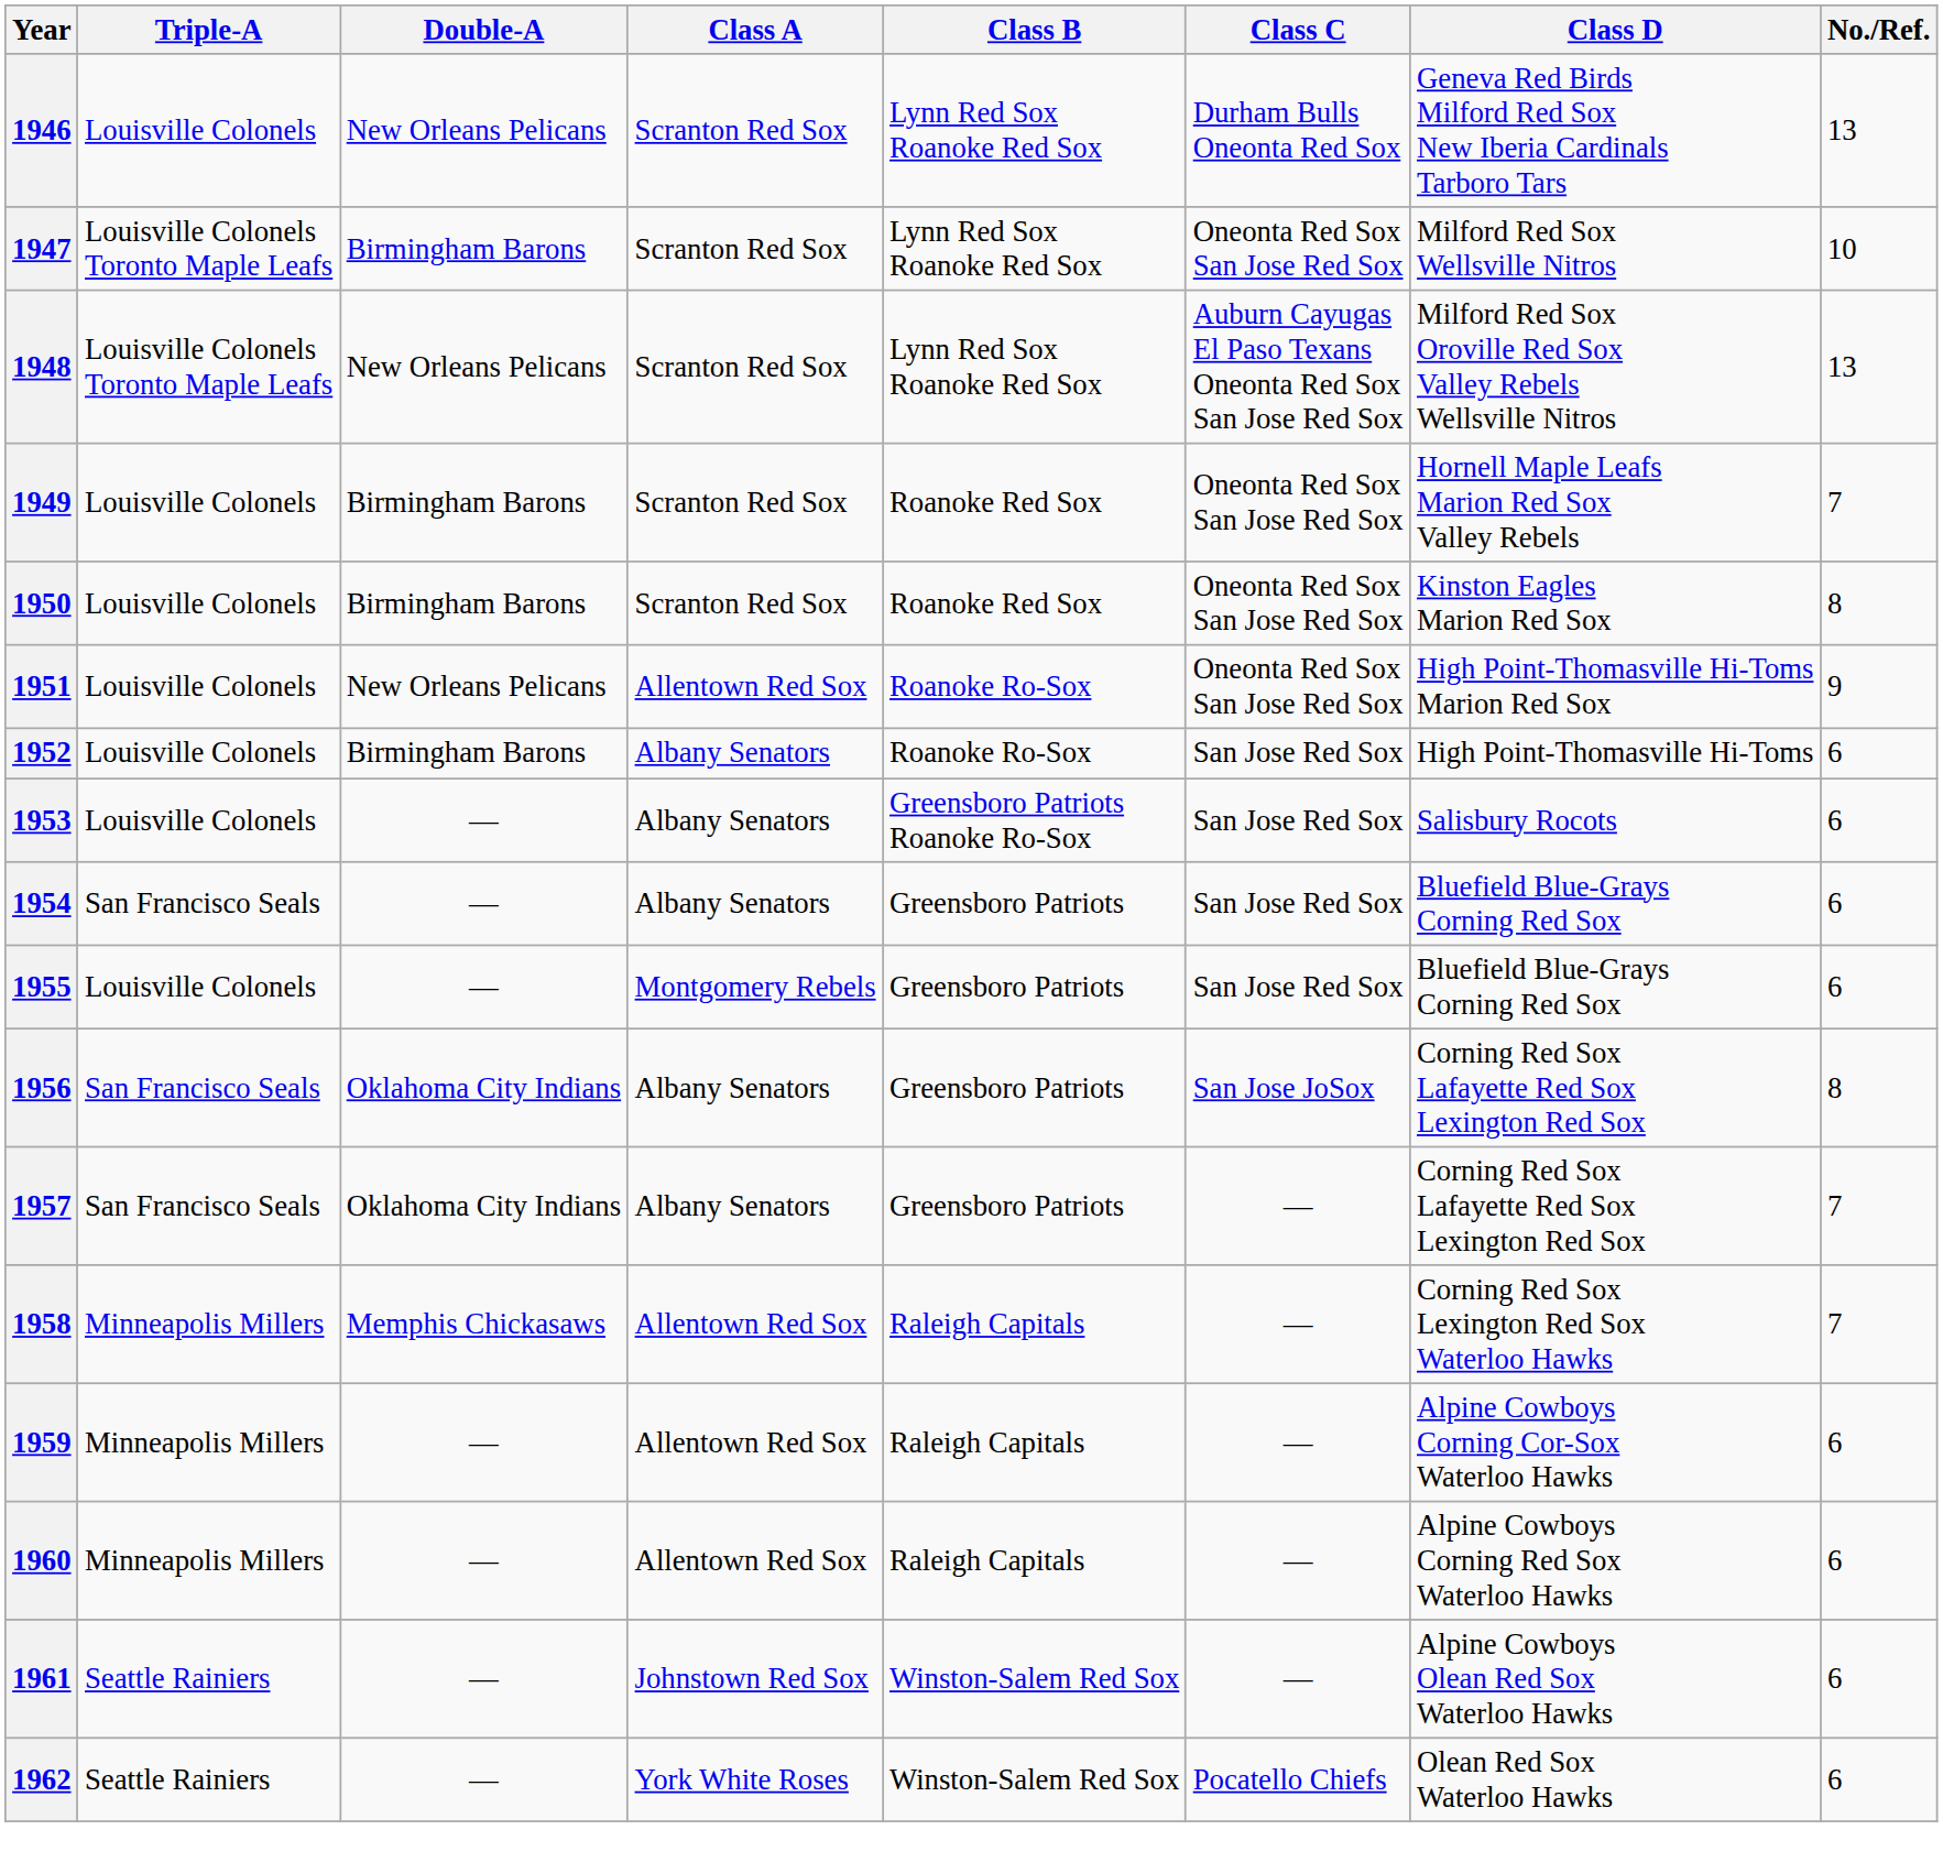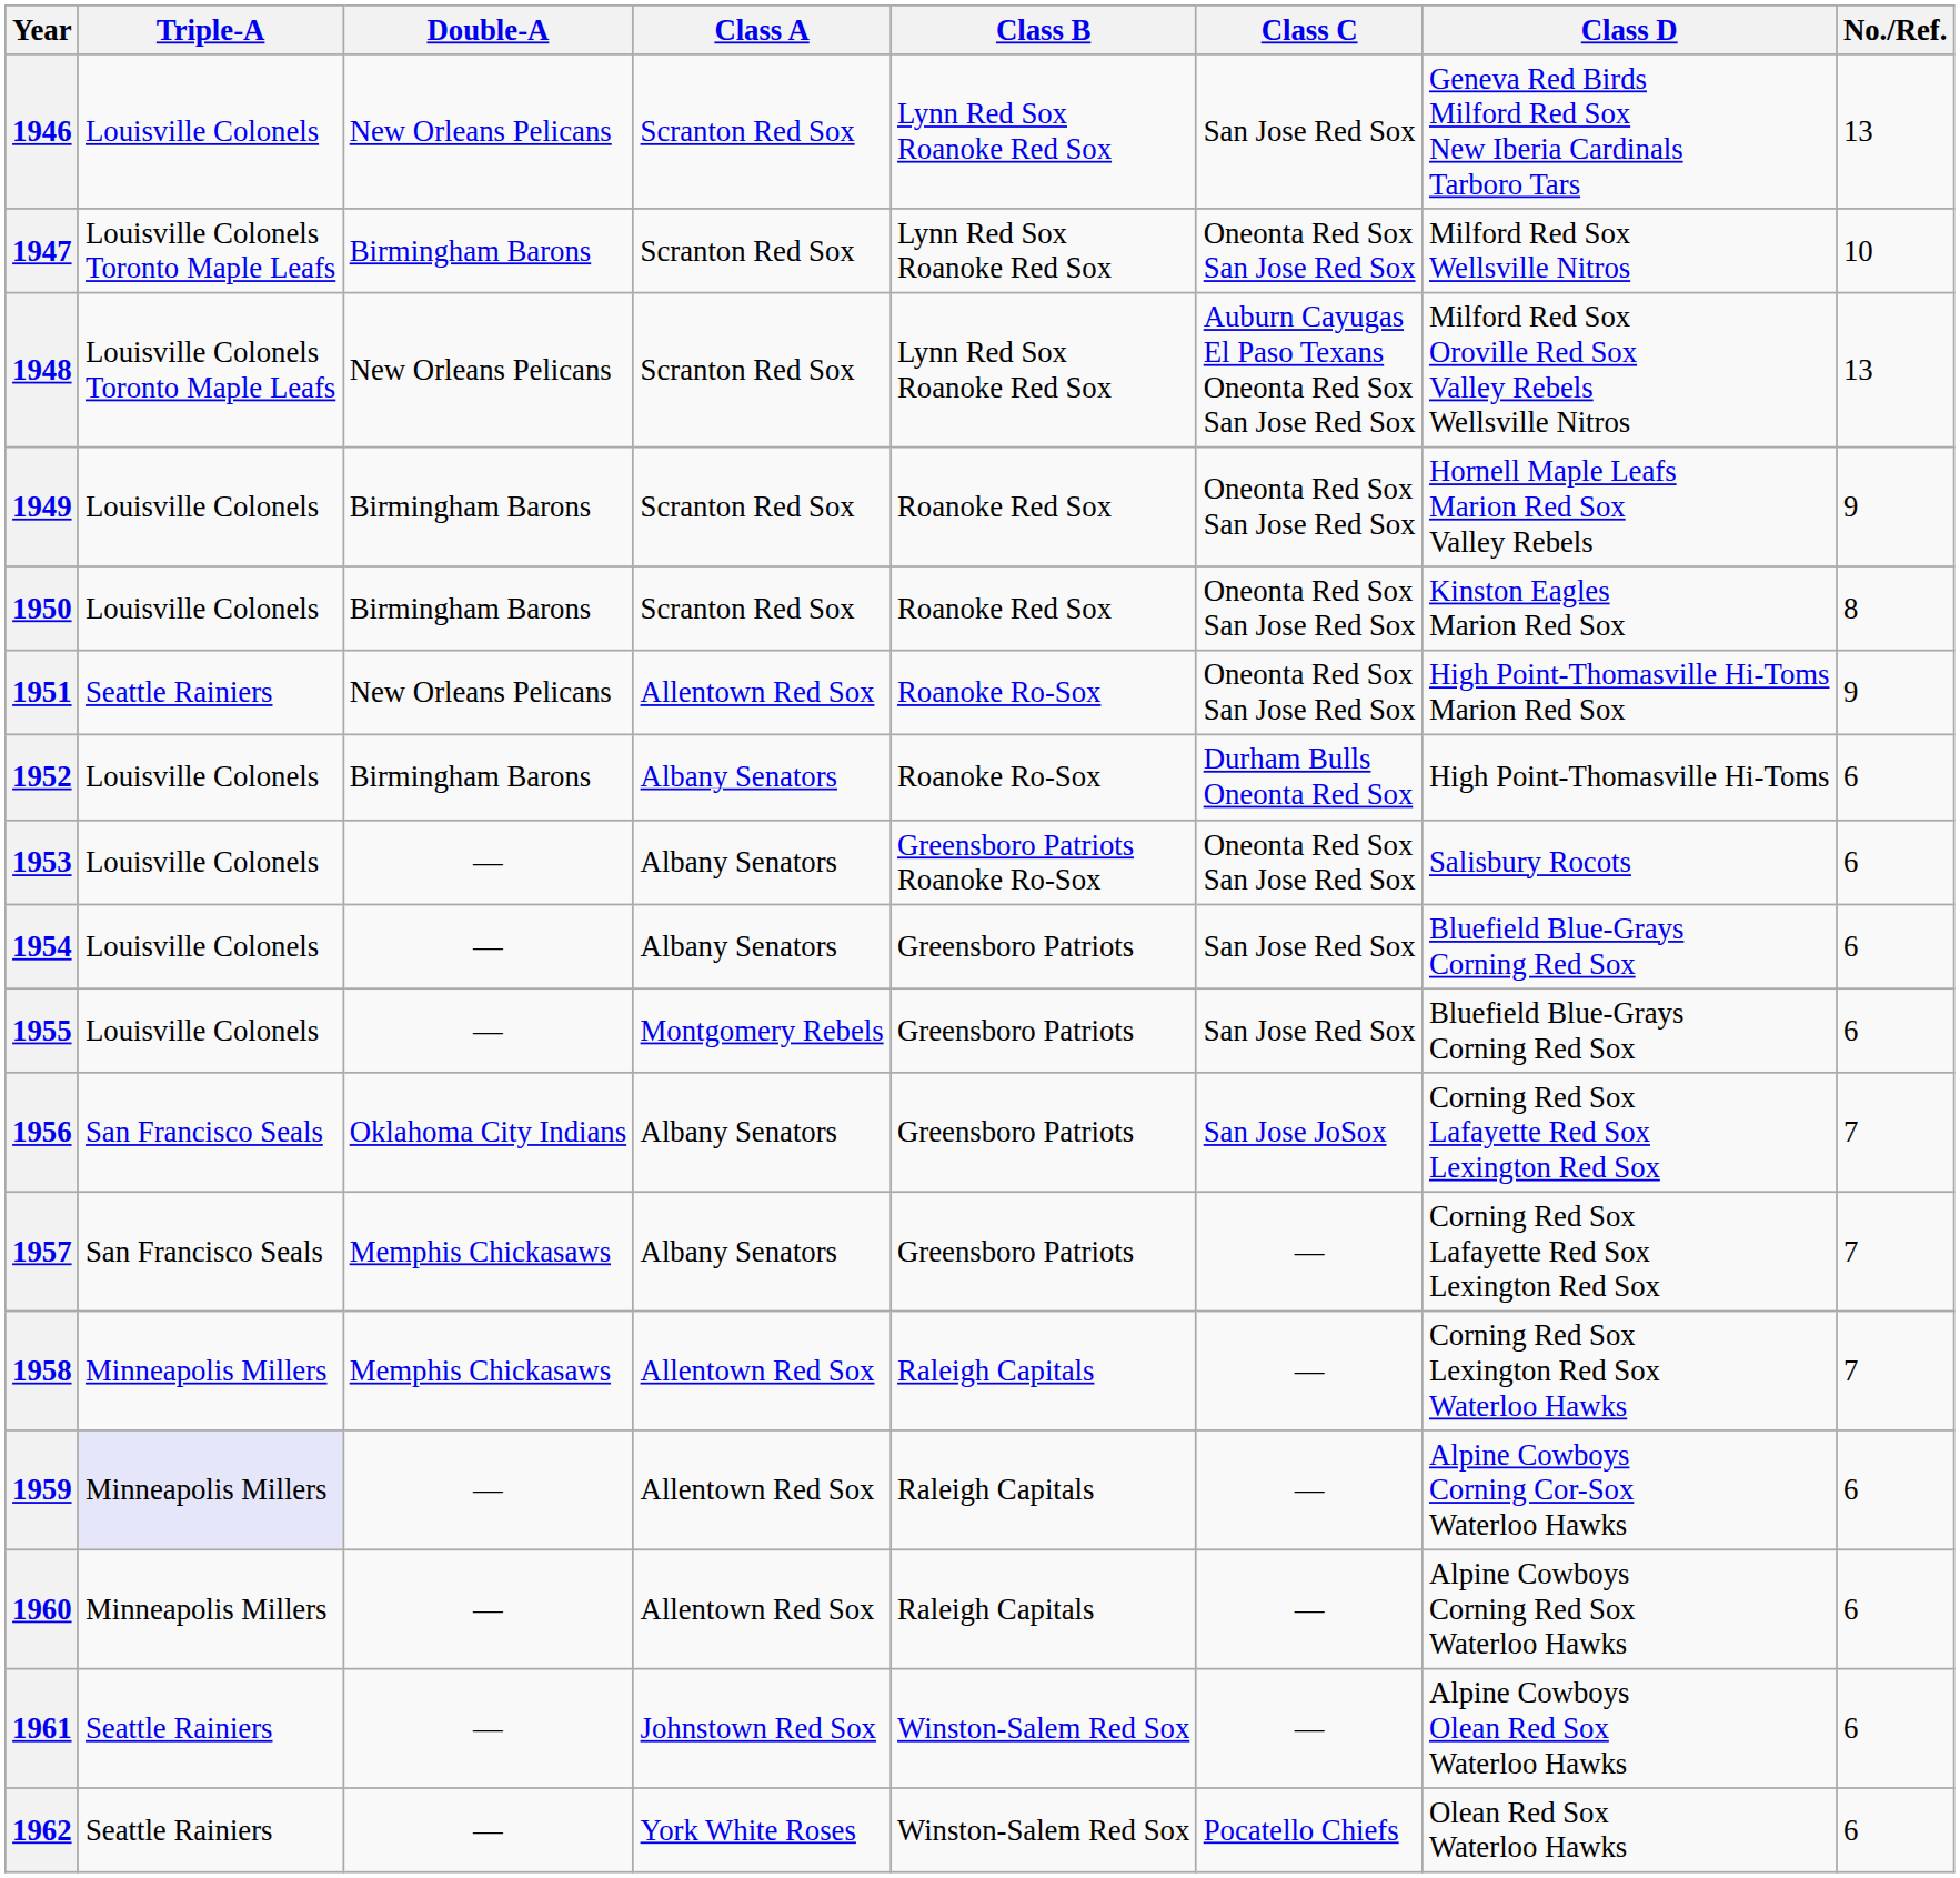 <table class="wikitable" style="text-align:left; font-size: 95%;">
 <tr>
 <th>Year</th>
 <th><a href='#'><span>Triple-A</span></a></th>
 <th><a href='#'><span>Double-A</span></a></th>
 <th><a href='#'><span>Class A</span></a></th>
 <th><a href='#'><span>Class B</span></a></th>
 <th><a href='#'><span>Class C</span></a></th>
 <th><a href='#'><span>Class D</span></a></th>
 <th>No./Ref.</th>
 </tr>
 <tr>
 <th><a href='#'>1946</a></th>
 <td><a href='#'>Louisville Colonels</a></td>
 <td><a href='#'>New Orleans Pelicans</a></td>
 <td><a href='#'>Scranton Red Sox</a></td>
 <td><a href='#'>Lynn Red Sox</a><br><a href='#'>Roanoke Red Sox</a></td>
-<td><a href='#'>Durham Bulls</a><br><a href='#'>Oneonta Red Sox</a></td>
+<td>San Jose Red Sox</td>
 <td><a href='#'>Geneva Red Birds</a><br><a href='#'>Milford Red Sox</a><br><a href='#'>New Iberia Cardinals</a><br><a href='#'>Tarboro Tars</a></td>
 <td>13</td>
 </tr>
 <tr>
 <th><a href='#'>1947</a></th>
 <td>Louisville Colonels<br><a href='#'>Toronto Maple Leafs</a></td>
 <td><a href='#'>Birmingham Barons</a></td>
 <td>Scranton Red Sox</td>
 <td>Lynn Red Sox<br>Roanoke Red Sox</td>
 <td>Oneonta Red Sox<br><a href='#'>San Jose Red Sox</a></td>
 <td>Milford Red Sox<br><a href='#'>Wellsville Nitros</a></td>
 <td>10</td>
 </tr>
 <tr>
 <th><a href='#'>1948</a></th>
 <td>Louisville Colonels<br><a href='#'>Toronto Maple Leafs</a></td>
 <td>New Orleans Pelicans</td>
 <td>Scranton Red Sox</td>
 <td>Lynn Red Sox<br>Roanoke Red Sox</td>
 <td><a href='#'>Auburn Cayugas</a><br><a href='#'>El Paso Texans</a><br>Oneonta Red Sox<br>San Jose Red Sox</td>
 <td>Milford Red Sox<br><a href='#'>Oroville Red Sox</a><br><a href='#'>Valley Rebels</a><br>Wellsville Nitros</td>
 <td>13</td>
 </tr>
 <tr>
 <th><a href='#'>1949</a></th>
 <td>Louisville Colonels</td>
 <td>Birmingham Barons</td>
 <td>Scranton Red Sox</td>
 <td>Roanoke Red Sox</td>
 <td>Oneonta Red Sox<br>San Jose Red Sox</td>
 <td><a href='#'>Hornell Maple Leafs</a><br><a href='#'>Marion Red Sox</a><br>Valley Rebels</td>
-<td>7</td>
+<td>9</td>
 </tr>
 <tr>
 <th><a href='#'>1950</a></th>
 <td>Louisville Colonels</td>
 <td>Birmingham Barons</td>
 <td>Scranton Red Sox</td>
 <td>Roanoke Red Sox</td>
 <td>Oneonta Red Sox<br>San Jose Red Sox</td>
 <td><a href='#'>Kinston Eagles</a><br>Marion Red Sox</td>
 <td>8</td>
 </tr>
 <tr>
 <th><a href='#'>1951</a></th>
-<td>Louisville Colonels</td>
+<td><a href='#'>Seattle Rainiers</a></td>
 <td>New Orleans Pelicans</td>
 <td><a href='#'>Allentown Red Sox</a></td>
 <td><a href='#'>Roanoke Ro-Sox</a></td>
 <td>Oneonta Red Sox<br>San Jose Red Sox</td>
 <td><a href='#'>High Point-Thomasville Hi-Toms</a><br>Marion Red Sox</td>
 <td>9</td>
 </tr>
 <tr>
 <th><a href='#'>1952</a></th>
 <td>Louisville Colonels</td>
 <td>Birmingham Barons</td>
 <td><a href='#'>Albany Senators</a></td>
 <td>Roanoke Ro-Sox</td>
-<td>San Jose Red Sox</td>
+<td><a href='#'>Durham Bulls</a><br><a href='#'>Oneonta Red Sox</a></td>
 <td>High Point-Thomasville Hi-Toms</td>
 <td>6</td>
 </tr>
 <tr>
 <th><a href='#'>1953</a></th>
 <td>Louisville Colonels</td>
 <td align="center">—</td>
 <td>Albany Senators</td>
 <td><a href='#'>Greensboro Patriots</a><br>Roanoke Ro-Sox</td>
-<td>San Jose Red Sox</td>
+<td>Oneonta Red Sox<br>San Jose Red Sox</td>
 <td><a href='#'>Salisbury Rocots</a></td>
 <td>6</td>
 </tr>
 <tr>
 <th><a href='#'>1954</a></th>
-<td>San Francisco Seals</td>
+<td>Louisville Colonels</td>
 <td align="center">—</td>
 <td>Albany Senators</td>
 <td>Greensboro Patriots</td>
 <td>San Jose Red Sox</td>
 <td><a href='#'>Bluefield Blue-Grays</a><br><a href='#'>Corning Red Sox</a></td>
 <td>6</td>
 </tr>
 <tr>
 <th><a href='#'>1955</a></th>
 <td>Louisville Colonels</td>
 <td align="center">—</td>
 <td><a href='#'>Montgomery Rebels</a></td>
 <td>Greensboro Patriots</td>
 <td>San Jose Red Sox</td>
 <td>Bluefield Blue-Grays<br>Corning Red Sox</td>
 <td>6</td>
 </tr>
 <tr>
 <th><a href='#'>1956</a></th>
 <td><a href='#'>San Francisco Seals</a></td>
 <td><a href='#'>Oklahoma City Indians</a></td>
 <td>Albany Senators</td>
 <td>Greensboro Patriots</td>
 <td><a href='#'>San Jose JoSox</a></td>
 <td>Corning Red Sox<br><a href='#'>Lafayette Red Sox</a><br><a href='#'>Lexington Red Sox</a></td>
-<td>8</td>
+<td>7</td>
 </tr>
 <tr>
 <th><a href='#'>1957</a></th>
 <td>San Francisco Seals</td>
-<td>Oklahoma City Indians</td>
+<td><a href='#'>Memphis Chickasaws</a></td>
 <td>Albany Senators</td>
 <td>Greensboro Patriots</td>
 <td align="center">—</td>
 <td>Corning Red Sox<br>Lafayette Red Sox<br>Lexington Red Sox</td>
 <td>7</td>
 </tr>
 <tr>
 <th><a href='#'>1958</a></th>
 <td><a href='#'>Minneapolis Millers</a></td>
 <td><a href='#'>Memphis Chickasaws</a></td>
 <td><a href='#'>Allentown Red Sox</a></td>
 <td><a href='#'>Raleigh Capitals</a></td>
 <td align="center">—</td>
 <td>Corning Red Sox<br>Lexington Red Sox<br><a href='#'>Waterloo Hawks</a></td>
 <td>7</td>
 </tr>
 <tr>
 <th><a href='#'>1959</a></th>
-<td>Minneapolis Millers</td>
+<td style="background: lavender;">Minneapolis Millers</td>
 <td align="center">—</td>
 <td>Allentown Red Sox</td>
 <td>Raleigh Capitals</td>
 <td align="center">—</td>
 <td><a href='#'>Alpine Cowboys</a><br><a href='#'>Corning Cor-Sox</a><br>Waterloo Hawks</td>
 <td>6</td>
 </tr>
 <tr>
 <th><a href='#'>1960</a></th>
 <td>Minneapolis Millers</td>
 <td align="center">—</td>
 <td>Allentown Red Sox</td>
 <td>Raleigh Capitals</td>
 <td align="center">—</td>
 <td>Alpine Cowboys<br>Corning Red Sox<br>Waterloo Hawks</td>
 <td>6</td>
 </tr>
 <tr>
 <th><a href='#'>1961</a></th>
 <td><a href='#'>Seattle Rainiers</a></td>
 <td align="center">—</td>
 <td><a href='#'>Johnstown Red Sox</a></td>
 <td><a href='#'>Winston-Salem Red Sox</a></td>
 <td align="center">—</td>
 <td>Alpine Cowboys<br><a href='#'>Olean Red Sox</a><br>Waterloo Hawks</td>
 <td>6</td>
 </tr>
 <tr>
 <th><a href='#'>1962</a></th>
 <td>Seattle Rainiers</td>
 <td align="center">—</td>
 <td><a href='#'>York White Roses</a></td>
 <td>Winston-Salem Red Sox</td>
 <td><a href='#'>Pocatello Chiefs</a></td>
 <td>Olean Red Sox<br>Waterloo Hawks</td>
 <td>6</td>
 </tr>
 </table>
